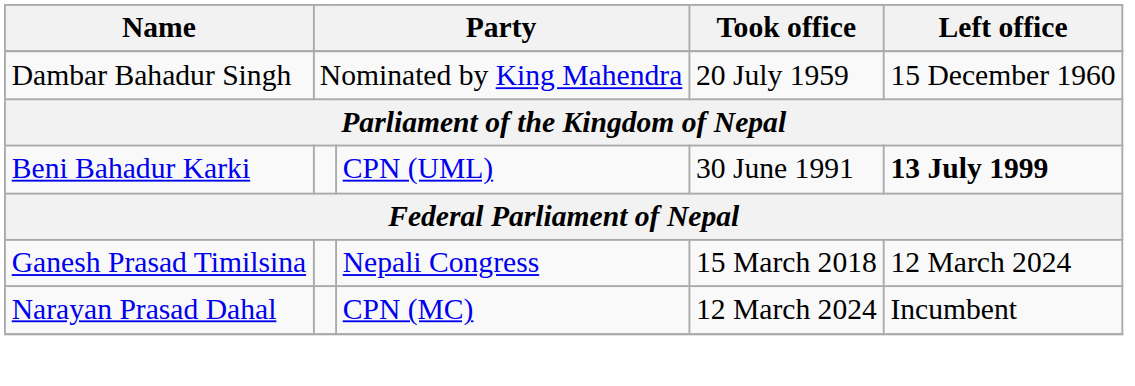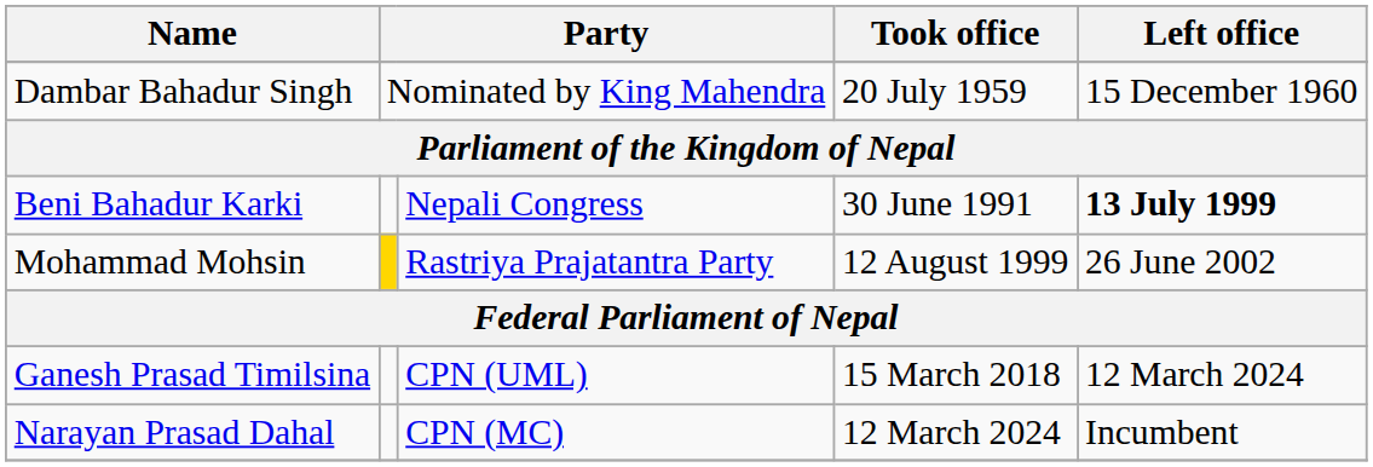 <table class="wikitable">
 <tr>
 <th>Name</th>
 <th colspan="2">Party</th>
 <th>Took office</th>
 <th>Left office</th>
 </tr>
 <tr>
 </tr>
 <tr>
 <td>Dambar Bahadur Singh</td>
 <td colspan="2">Nominated by <a href='#'>King Mahendra</a></td>
 <td>20 July 1959</td>
 <td>15 December 1960</td>
 </tr>
 <tr>
 <th colspan="5"><em>Parliament of the Kingdom of Nepal</em></th>
 </tr>
 <tr>
 <td><a href='#'>Beni Bahadur Karki</a></td>
 <td></td>
-<td><a href='#'>CPN (UML)</a></td>
+<td><a href='#'>Nepali Congress</a></td>
 <td>30 June 1991</td>
 <td><strong>13 July 1999</strong></td>
+</tr>
+<tr>
+<td>Mohammad Mohsin</td>
+<td bgcolor="gold"></td>
+<td><a href='#'>Rastriya Prajatantra Party</a></td>
+<td>12 August 1999</td>
+<td>26 June 2002</td>
 </tr>
 <tr>
 <th colspan="5"><em>Federal Parliament of Nepal</em></th>
 </tr>
 <tr>
 <td><a href='#'>Ganesh Prasad Timilsina</a></td>
 <td></td>
-<td><a href='#'>Nepali Congress</a></td>
+<td><a href='#'>CPN (UML)</a></td>
 <td>15 March 2018</td>
 <td>12 March 2024</td>
 </tr>
 <tr>
 <td><a href='#'>Narayan Prasad Dahal</a></td>
 <td></td>
 <td><a href='#'>CPN (MC)</a></td>
 <td>12 March 2024</td>
 <td>Incumbent</td>
 </tr>
 <tr>
 </tr>
 </table>
